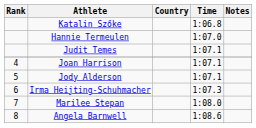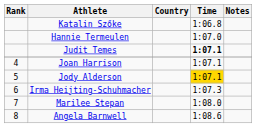 <table class="wikitable sortable" style="text-align:center">
 <tr>
 <th>Rank</th>
 <th>Athlete</th>
 <th>Country</th>
 <th>Time</th>
 <th>Notes</th>
 </tr>
 <tr>
 <td></td>
 <td><a href='#'>Katalin Szőke</a></td>
 <td align=left></td>
 <td>1:06.8</td>
 <td><strong> </strong></td>
 </tr>
 <tr>
 <td></td>
 <td><a href='#'>Hannie Termeulen</a></td>
 <td align=left></td>
 <td>1:07.0</td>
 <td><strong> </strong></td>
 </tr>
 <tr>
 <td></td>
 <td><a href='#'>Judit Temes</a></td>
 <td align=left></td>
-<td>1:07.1</td>
+<td><strong>1:07.1</strong></td>
 <td><strong> </strong></td>
 </tr>
 <tr>
 </tr>
 <tr>
 <td>4</td>
 <td><a href='#'>Joan Harrison</a></td>
 <td align=left></td>
 <td>1:07.1</td>
 <td><strong> </strong></td>
 </tr>
 <tr>
 <td>5</td>
 <td><a href='#'>Jody Alderson</a></td>
 <td align=left></td>
-<td>1:07.1</td>
+<td style="background: gold;">1:07.1</td>
 <td><strong> </strong></td>
 </tr>
 <tr>
 <td>6</td>
 <td><a href='#'>Irma Heijting-Schuhmacher</a></td>
 <td align=left></td>
 <td>1:07.3</td>
 <td><strong> </strong></td>
 </tr>
 <tr>
 <td>7</td>
 <td><a href='#'>Marilee Stepan</a></td>
 <td align=left></td>
 <td>1:08.0</td>
 <td><strong> </strong></td>
 </tr>
 <tr>
 <td>8</td>
 <td><a href='#'>Angela Barnwell</a></td>
 <td align=left></td>
 <td>1:08.6</td>
 <td><strong> </strong></td>
 </tr>
 </table>
